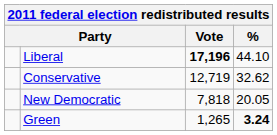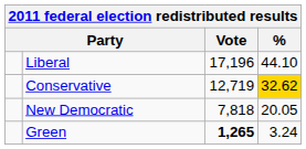 <table class="wikitable">
 <tr>
 <th colspan="4"><a href='#'>2011 federal election</a> redistributed results</th>
 </tr>
 <tr>
 <th bgcolor="#DDDDFF" width="130px" colspan="2">Party</th>
 <th bgcolor="#DDDDFF" width="50px">Vote</th>
 <th bgcolor="#DDDDFF" width="30px">%</th>
 </tr>
 <tr>
 <td> </td>
 <td><a href='#'>Liberal</a></td>
-<td align=right><strong>17,196</strong></td>
+<td align=right>17,196</td>
 <td align=right>44.10</td>
 </tr>
 <tr>
 <td> </td>
 <td><a href='#'>Conservative</a></td>
 <td align=right>12,719</td>
-<td align=right>32.62</td>
+<td align=right style="background: gold;">32.62</td>
 </tr>
 <tr>
 <td> </td>
 <td><a href='#'>New Democratic</a></td>
 <td align=right>7,818</td>
 <td align=right>20.05</td>
 </tr>
 <tr>
 <td> </td>
 <td><a href='#'>Green</a></td>
-<td align=right>1,265</td>
-<td align=right><strong>3.24</strong></td>
+<td align=right><strong>1,265</strong></td>
+<td align=right>3.24</td>
 </tr>
 </table>
